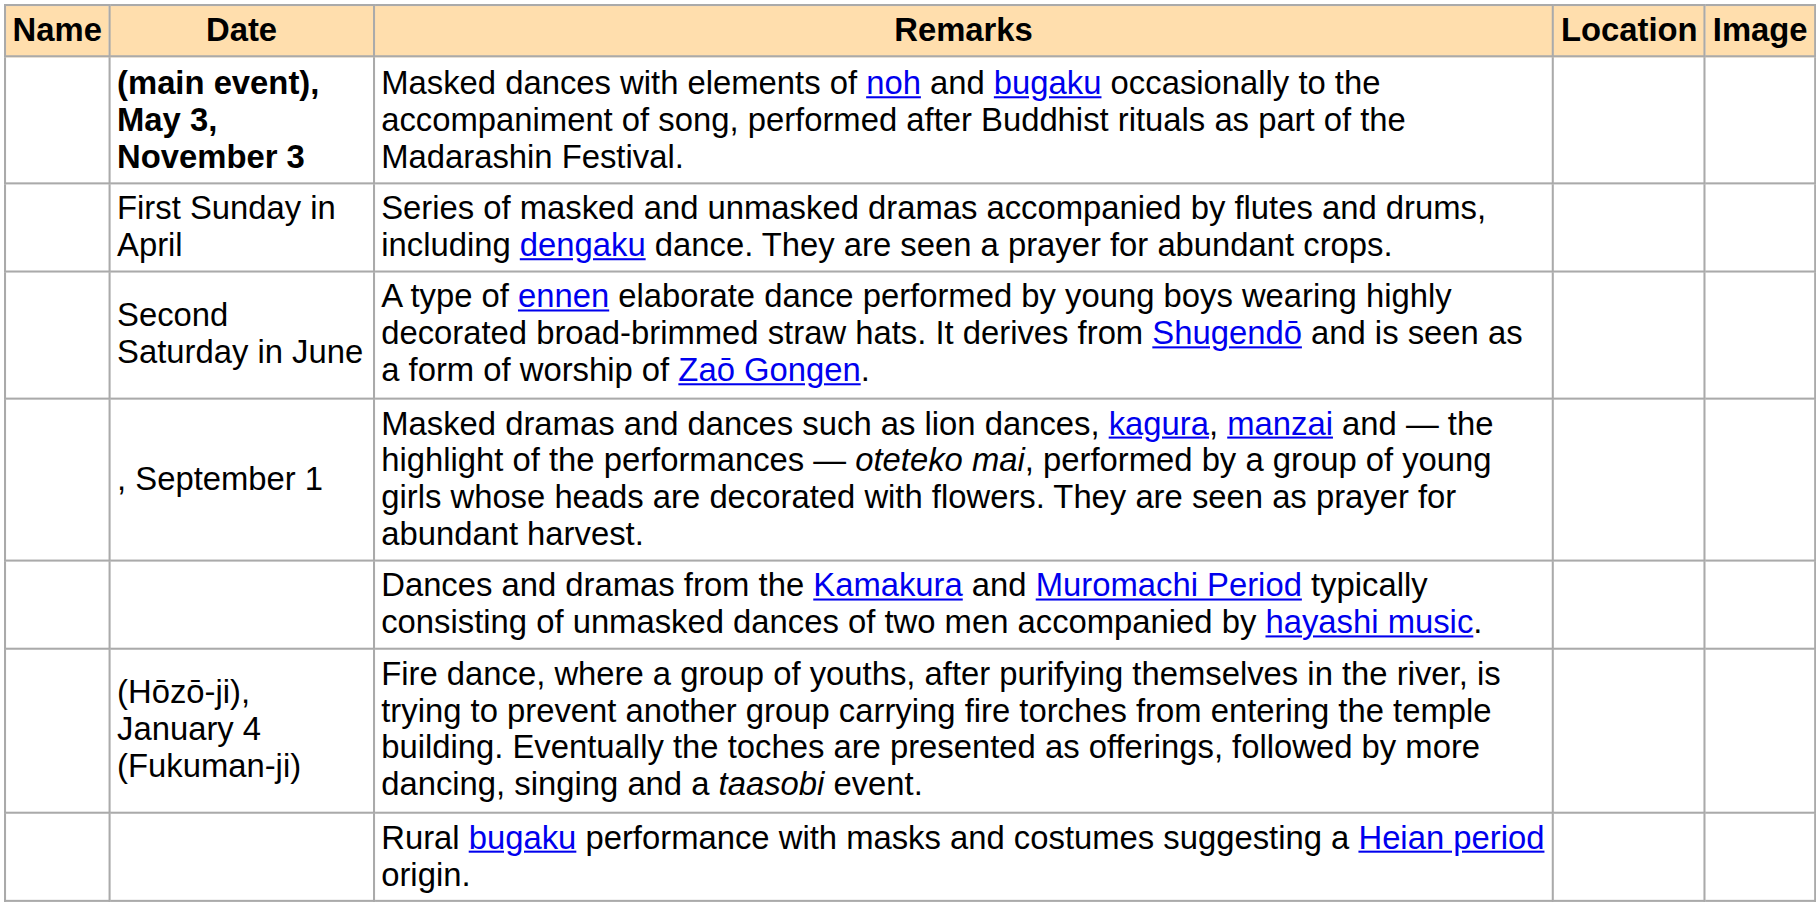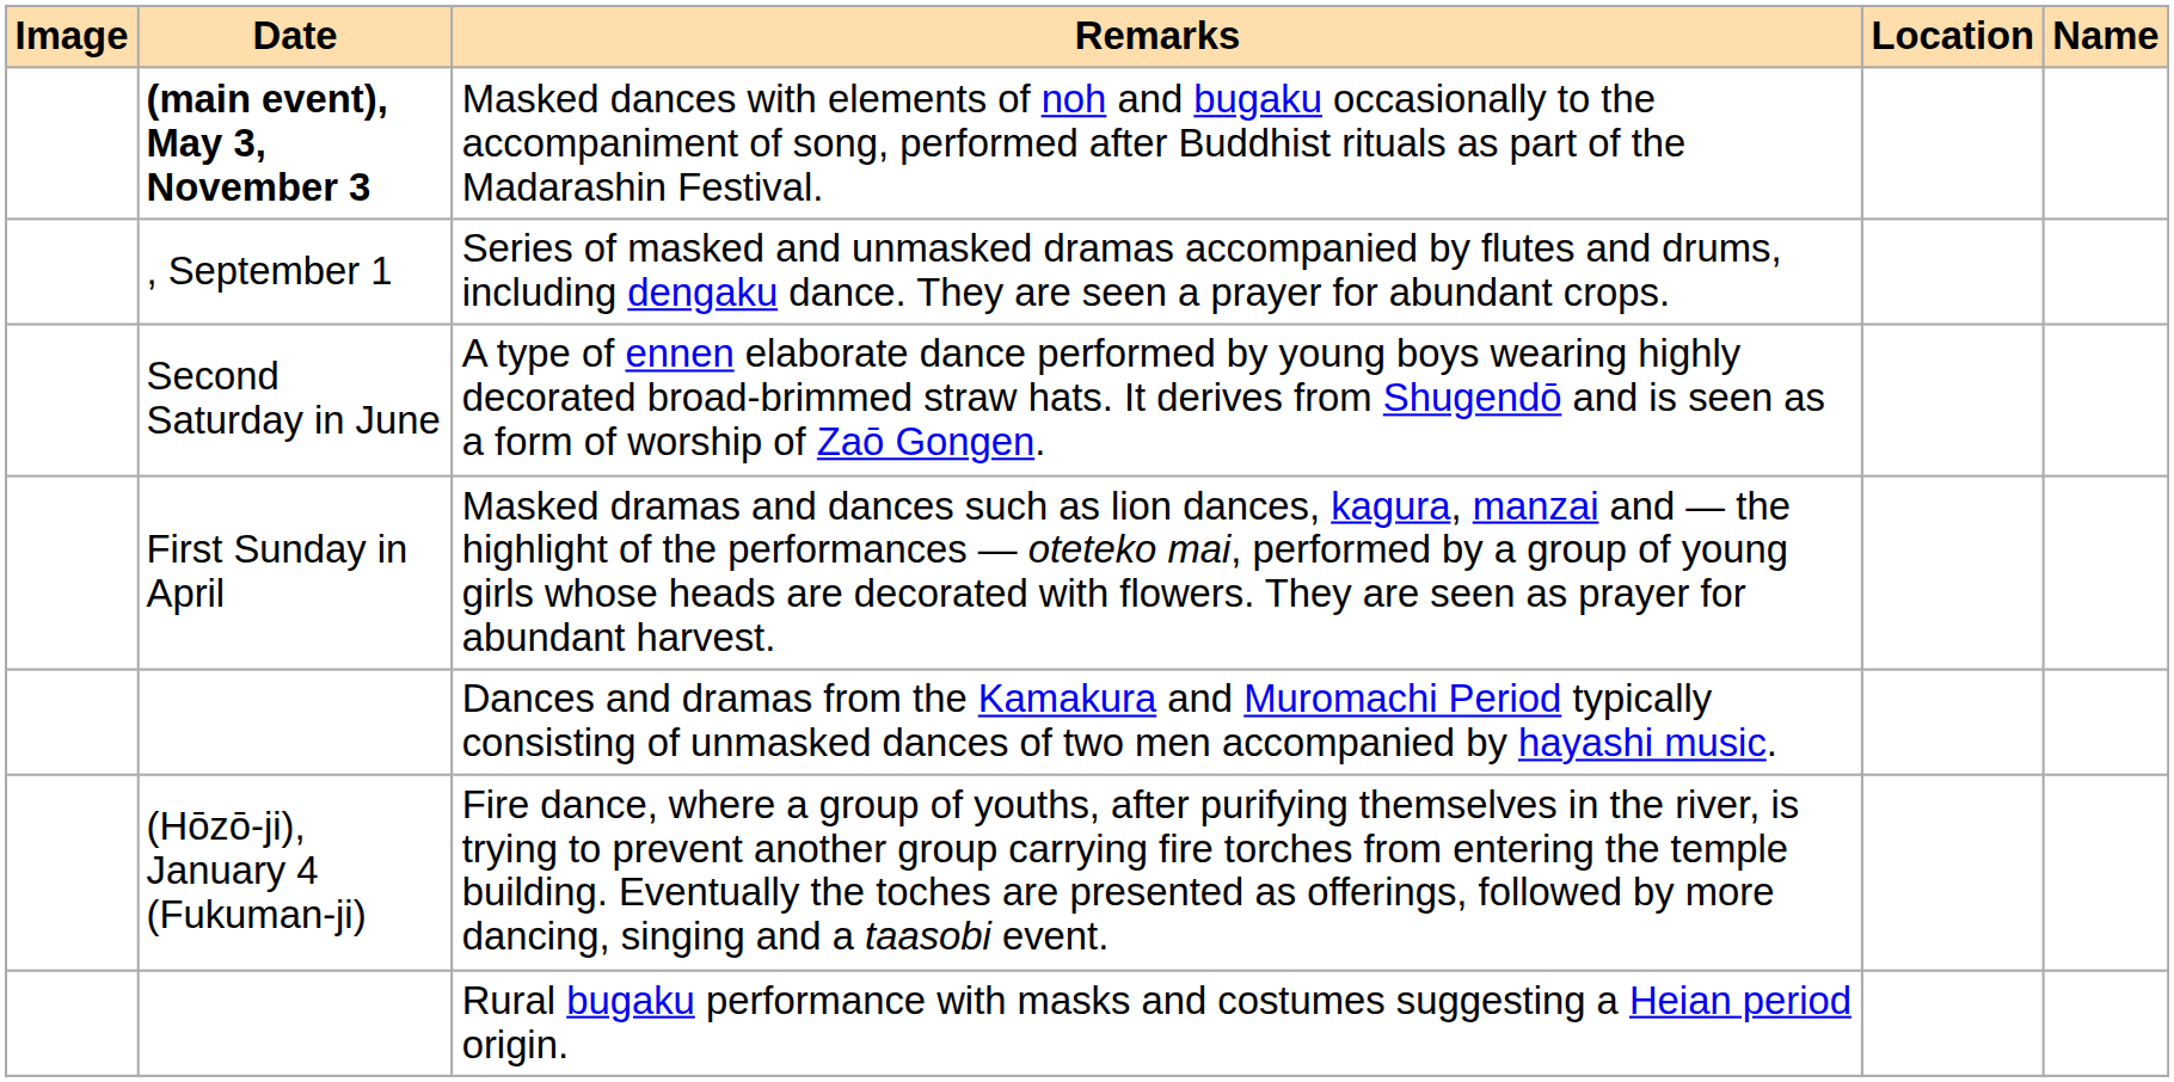 <table class="wikitable sortable" width="100%" style="background:#ffffff;">
 <tr>
-<th align="left" style="background:#ffdead;">Name</th>
+<th align="left" style="background:#ffdead;" class="unsortable">Image</th>
 <th align="left" style="background:#ffdead;">Date</th>
 <th align="left" style="background:#ffdead;">Remarks</th>
 <th style="background:#ffdead;">Location</th>
-<th align="left" style="background:#ffdead;" class="unsortable">Image</th>
+<th align="left" style="background:#ffdead;">Name</th>
 </tr>
 <tr>
 <td></td>
 <td><strong> (main event), May 3, November 3</strong></td>
 <td>Masked dances with elements of <a href='#'>noh</a> and <a href='#'>bugaku</a> occasionally to the accompaniment of song, performed after Buddhist rituals as part of the Madarashin Festival.</td>
 <td></td>
 <td></td>
 </tr>
 <tr>
 <td></td>
-<td>First Sunday in April</td>
+<td>, September 1</td>
 <td>Series of masked and unmasked dramas accompanied by flutes and drums, including <a href='#'>dengaku</a> dance. They are seen a prayer for abundant crops.</td>
 <td></td>
 <td></td>
 </tr>
 <tr>
 <td></td>
 <td>Second Saturday in June</td>
 <td>A type of <a href='#'>ennen</a> elaborate dance performed by young boys wearing highly decorated broad-brimmed straw hats. It derives from <a href='#'>Shugendō</a> and is seen as a form of worship of <a href='#'>Zaō Gongen</a>.</td>
 <td></td>
 <td></td>
 </tr>
 <tr>
 <td></td>
-<td>, September 1</td>
+<td>First Sunday in April</td>
 <td>Masked dramas and dances such as lion dances, <a href='#'>kagura</a>, <a href='#'>manzai</a> and — the highlight of the performances — <em>oteteko mai</em>, performed by a group of young girls whose heads are decorated with flowers. They are seen as prayer for abundant harvest.</td>
 <td></td>
 <td></td>
 </tr>
 <tr>
 <td></td>
 <td></td>
 <td>Dances and dramas from the <a href='#'>Kamakura</a> and <a href='#'>Muromachi Period</a> typically consisting of unmasked dances of two men accompanied by <a href='#'>hayashi music</a>.</td>
 <td></td>
 <td></td>
 </tr>
 <tr>
 <td></td>
 <td> (Hōzō-ji), January 4 (Fukuman-ji)</td>
 <td>Fire dance, where a group of youths, after purifying themselves in the river, is trying to prevent another group carrying fire torches from entering the temple building. Eventually the toches are presented as offerings, followed by more dancing, singing and a <em>taasobi</em> event.</td>
 <td></td>
 <td></td>
 </tr>
 <tr>
 <td></td>
 <td></td>
 <td>Rural <a href='#'>bugaku</a> performance with masks and costumes suggesting a <a href='#'>Heian period</a> origin.</td>
 <td></td>
 <td></td>
 </tr>
 </table>
